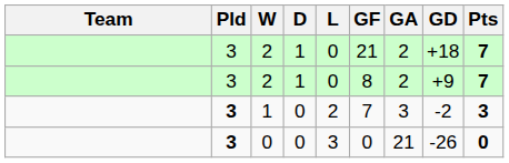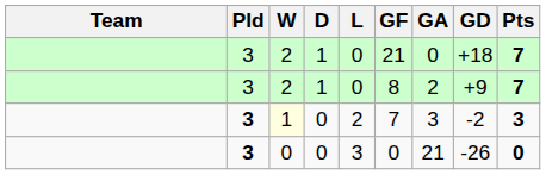 <table class="wikitable" style="text-align: center;">
 <tr>
 <th width=165>Team</th>
 <th width=20>Pld</th>
 <th width=20>W</th>
 <th width=20>D</th>
 <th width=20>L</th>
 <th width=20>GF</th>
 <th width=20>GA</th>
 <th width=20>GD</th>
 <th width=20>Pts</th>
 </tr>
 <tr bgcolor=ccffcc>
 <td align="left"></td>
 <td>3</td>
 <td>2</td>
 <td>1</td>
 <td>0</td>
 <td>21</td>
-<td>2</td>
+<td>0</td>
 <td>+18</td>
 <td><strong>7</strong></td>
 </tr>
 <tr bgcolor=ccffcc>
 <td align="left"></td>
 <td>3</td>
 <td>2</td>
 <td>1</td>
 <td>0</td>
 <td>8</td>
 <td>2</td>
 <td>+9</td>
 <td><strong>7</strong></td>
 </tr>
 <tr>
 <td align="left"></td>
 <td><strong>3</strong></td>
-<td>1</td>
+<td style="background: lightyellow;">1</td>
 <td>0</td>
 <td>2</td>
 <td>7</td>
 <td>3</td>
 <td>-2</td>
 <td><strong>3</strong></td>
 </tr>
 <tr>
 <td align="left"></td>
 <td><strong>3</strong></td>
 <td>0</td>
 <td>0</td>
 <td>3</td>
 <td>0</td>
 <td>21</td>
 <td>-26</td>
 <td><strong>0</strong></td>
 </tr>
 </table>
